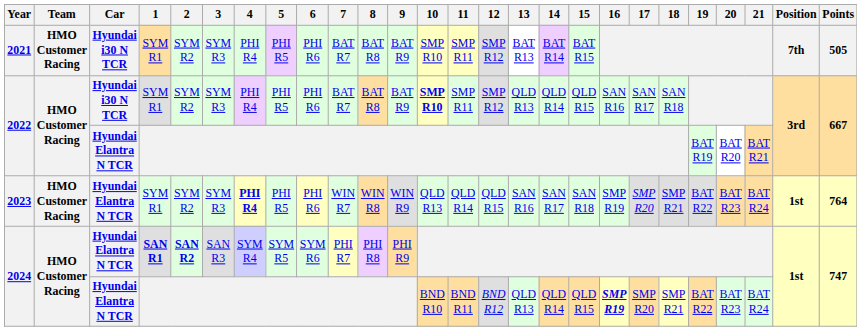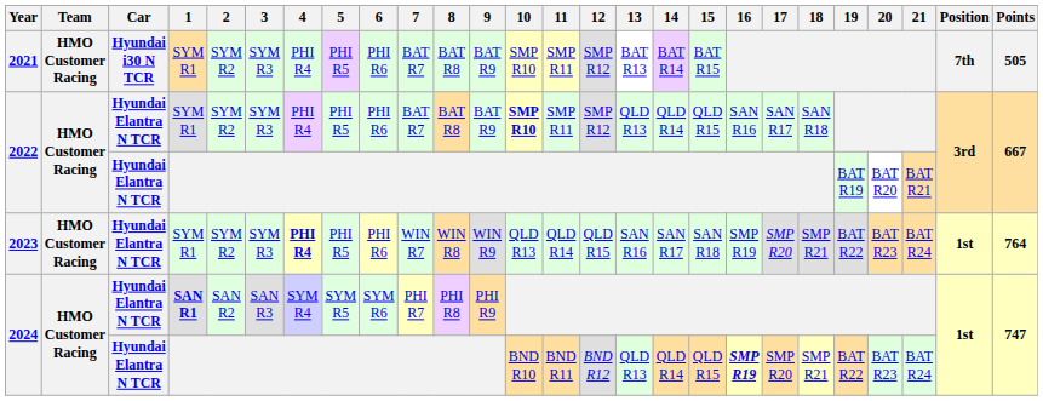 <table class="wikitable" style="text-align:center; font-size:75%">
 <tr>
 <th>Year</th>
 <th>Team</th>
 <th>Car</th>
 <th>1</th>
 <th>2</th>
 <th>3</th>
 <th>4</th>
 <th>5</th>
 <th>6</th>
 <th>7</th>
 <th>8</th>
 <th>9</th>
 <th>10</th>
 <th>11</th>
 <th>12</th>
 <th>13</th>
 <th>14</th>
 <th>15</th>
 <th>16</th>
 <th>17</th>
 <th>18</th>
 <th>19</th>
 <th>20</th>
 <th>21</th>
 <th>Position</th>
 <th>Points</th>
 </tr>
 <tr>
 <th><a href='#'>2021</a></th>
 <th>HMO Customer Racing</th>
 <th><a href='#'>Hyundai i30 N TCR</a></th>
 <td style=background:#ffdf9f><a href='#'>SYM<br>R1</a><br></td>
 <td style=background:#dfffdf><a href='#'>SYM<br>R2</a><br></td>
 <td style=background:#dfffdf><a href='#'>SYM<br>R3</a><br></td>
 <td style=background:#dfffdf><a href='#'>PHI<br>R4</a><br></td>
 <td style=background:#efcfff><a href='#'>PHI<br>R5</a><br></td>
 <td style=background:#dfffdf><a href='#'>PHI<br>R6</a><br></td>
 <td style=background:#dfffdf><a href='#'>BAT<br>R7</a><br></td>
 <td style=background:#dfffdf><a href='#'>BAT<br>R8</a><br></td>
 <td style=background:#dfffdf><a href='#'>BAT<br>R9</a><br></td>
 <td style=background:#ffffbf><a href='#'>SMP<br>R10</a><br></td>
 <td style=background:#ffffbf><a href='#'>SMP<br>R11</a><br></td>
 <td style=background:#dfdfdf><a href='#'>SMP<br>R12</a><br></td>
 <td style=background:#ffffff><a href='#'>BAT<br>R13</a><br></td>
 <td style=background:#efcfff><a href='#'>BAT<br>R14</a><br></td>
 <td style=background:#dfffdf><a href='#'>BAT<br>R15</a><br></td>
 <th colspan=6></th>
 <th>7th</th>
 <th>505</th>
 </tr>
 <tr>
 <th rowspan="2"><a href='#'>2022</a></th>
 <th rowspan="2">HMO Customer Racing</th>
-<th><a href='#'>Hyundai i30 N TCR</a></th>
+<th><a href='#'>Hyundai Elantra N TCR</a></th>
 <td style=background:#dfdfdf><a href='#'>SYM<br>R1</a><br></td>
 <td style=background:#dfffdf><a href='#'>SYM<br>R2</a><br></td>
 <td style=background:#dfffdf><a href='#'>SYM<br>R3</a><br></td>
 <td style=background:#efcfff><a href='#'>PHI<br>R4</a><br></td>
 <td style=background:#dfffdf><a href='#'>PHI<br>R5</a><br></td>
 <td style=background:#dfffdf><a href='#'>PHI<br>R6</a><br></td>
 <td style=background:#dfffdf><a href='#'>BAT<br>R7</a><br></td>
 <td style=background:#ffdf9f><a href='#'>BAT<br>R8</a><br></td>
 <td style=background:#dfffdf><a href='#'>BAT<br>R9</a><br></td>
 <td style=background:#ffffbf><strong><a href='#'>SMP<br>R10</a><br></strong></td>
 <td style=background:#dfffdf><a href='#'>SMP<br>R11</a><br></td>
 <td style=background:#dfdfdf><a href='#'>SMP<br>R12</a><br></td>
 <td style=background:#dfffdf><a href='#'>QLD<br>R13</a><br></td>
 <td style=background:#dfffdf><a href='#'>QLD<br>R14</a><br></td>
 <td style=background:#dfffdf><a href='#'>QLD<br>R15</a><br></td>
 <td style=background:#dfffdf><a href='#'>SAN<br>R16</a><br></td>
 <td style=background:#dfffdf><a href='#'>SAN<br>R17</a><br></td>
 <td style=background:#dfffdf><a href='#'>SAN<br>R18</a><br></td>
 <th colspan="3"></th>
 <th style=background:#ffdf9f rowspan="2">3rd</th>
 <th style=background:#ffdf9f rowspan="2">667</th>
 </tr>
 <tr>
 <th><a href='#'>Hyundai Elantra N TCR</a></th>
 <th colspan="18"></th>
 <td style="background:#dfffdf"><a href='#'>BAT<br>R19</a><br></td>
 <td style="background:#ffffff"><a href='#'>BAT<br>R20</a><br></td>
 <td style="background:#ffdf9f"><a href='#'>BAT<br>R21</a><br></td>
 </tr>
 <tr>
 <th><a href='#'>2023</a></th>
 <th>HMO Customer Racing</th>
 <th><a href='#'>Hyundai Elantra N TCR</a></th>
 <td style=background:#dfffdf><a href='#'>SYM<br>R1</a><br></td>
 <td style=background:#dfffdf><a href='#'>SYM<br>R2</a><br></td>
 <td style=background:#dfffdf><a href='#'>SYM<br>R3</a><br></td>
 <td style=background:#ffffbf><strong><a href='#'>PHI<br>R4</a><br></strong></td>
 <td style=background:#dfffdf><a href='#'>PHI<br>R5</a><br></td>
 <td style=background:#ffffbf><a href='#'>PHI<br>R6</a><br></td>
 <td style=background:#dfffdf><a href='#'>WIN<br>R7</a><br></td>
 <td style=background:#ffdf9f><a href='#'>WIN<br>R8</a><br></td>
 <td style=background:#dfdfdf><a href='#'>WIN<br>R9</a><br></td>
 <td style=background:#dfffdf><a href='#'>QLD<br>R13</a><br></td>
 <td style=background:#dfffdf><a href='#'>QLD<br>R14</a><br></td>
 <td style=background:#dfffdf><a href='#'>QLD<br>R15</a><br></td>
 <td style=background:#dfffdf><a href='#'>SAN<br>R16</a><br></td>
 <td style=background:#dfffdf><a href='#'>SAN<br>R17</a><br></td>
 <td style=background:#dfffdf><a href='#'>SAN<br>R18</a><br></td>
 <td style=background:#dfffdf><a href='#'>SMP<br>R19</a><br></td>
 <td style=background:#dfdfdf><em><a href='#'>SMP<br>R20</a><br></em></td>
 <td style=background:#dfdfdf><a href='#'>SMP<br>R21</a><br></td>
 <td style=background:#dfdfdf><a href='#'>BAT<br>R22</a><br></td>
 <td style=background:#ffdf9f><a href='#'>BAT<br>R23</a><br></td>
 <td style=background:#ffdf9f><a href='#'>BAT<br>R24</a><br></td>
 <th style=background:#ffffbf>1st</th>
 <th style=background:#ffffbf>764</th>
 </tr>
 <tr>
 <th rowspan="2"><a href='#'>2024</a></th>
 <th rowspan="2">HMO Customer Racing</th>
 <th><a href='#'>Hyundai Elantra N TCR</a></th>
 <td style=background:#dfdfdf><strong><a href='#'>SAN<br>R1</a><br></strong></td>
-<td style=background:#dfffdf><strong><a href='#'>SAN<br>R2</a><br></strong></td>
+<td style=background:#dfffdf><a href='#'>SAN<br>R2</a><br></td>
 <td style=background:#dfdfdf><a href='#'>SAN<br>R3</a><br></td>
 <td style=background:#cfcfff><a href='#'>SYM<br>R4</a><br></td>
 <td style=background:#dfffdf><a href='#'>SYM<br>R5</a><br></td>
 <td style=background:#dfffdf><a href='#'>SYM<br>R6</a><br></td>
 <td style=background:#ffffbf><a href='#'>PHI<br>R7</a><br></td>
 <td style=background:#efcfff><a href='#'>PHI<br>R8</a><br></td>
 <td style=background:#ffdf9f><a href='#'>PHI<br>R9</a><br></td>
 <th colspan="12"></th>
 <th style=background:#ffffbf rowspan="2">1st</th>
 <th style=background:#ffffbf rowspan="2">747</th>
 </tr>
 <tr>
 <th><a href='#'>Hyundai Elantra N TCR</a></th>
 <th colspan="9"></th>
 <td style=background:#ffdf9f><a href='#'>BND<br>R10</a><br></td>
 <td style=background:#ffdf9f><a href='#'>BND<br>R11</a><br></td>
 <td style=background:#dfdfdf><em><a href='#'>BND<br>R12</a><br></em></td>
 <td style=background:#dfffdf><a href='#'>QLD<br>R13</a><br></td>
 <td style=background:#ffdf9f><a href='#'>QLD<br>R14</a><br></td>
 <td style=background:#ffdf9f><a href='#'>QLD<br>R15</a><br></td>
 <td style=background:#ffffbf><strong><em><a href='#'>SMP<br>R19</a><br></em></strong></td>
 <td style=background:#ffdf9f><a href='#'>SMP<br>R20</a><br></td>
 <td style=background:#ffffbf><a href='#'>SMP<br>R21</a><br></td>
 <td style=background:#ffdf9f><a href='#'>BAT<br>R22</a><br></td>
 <td style=background:#dfffdf><a href='#'>BAT<br>R23</a><br></td>
 <td style=background:#dfffdf><a href='#'>BAT<br>R24</a><br></td>
 </tr>
 </table>
